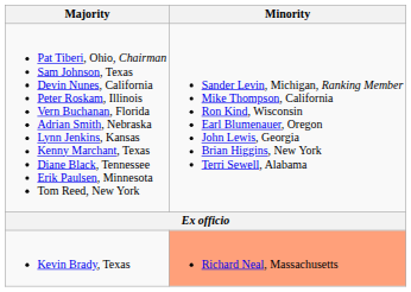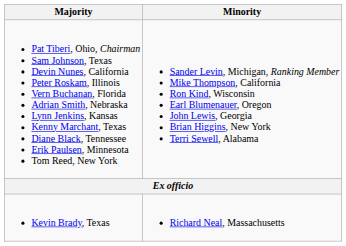 <table class=wikitable>
 <tr>
 <th>Majority</th>
 <th>Minority</th>
 </tr>
 <tr>
 <td><br><ul><li><a href='#'>Pat Tiberi</a>, Ohio, <em>Chairman</em></li><li><a href='#'>Sam Johnson</a>, Texas</li><li><a href='#'>Devin Nunes</a>, California</li><li><a href='#'>Peter Roskam</a>, Illinois</li><li><a href='#'>Vern Buchanan</a>, Florida</li><li><a href='#'>Adrian Smith</a>, Nebraska</li><li><a href='#'>Lynn Jenkins</a>, Kansas</li><li><a href='#'>Kenny Marchant</a>, Texas</li><li><a href='#'>Diane Black</a>, Tennessee</li><li><a href='#'>Erik Paulsen</a>, Minnesota</li><li>Tom Reed, New York</li></ul></td>
 <td><br><ul><li><a href='#'>Sander Levin</a>, Michigan, <em>Ranking Member</em></li><li><a href='#'>Mike Thompson</a>, California</li><li><a href='#'>Ron Kind</a>, Wisconsin</li><li><a href='#'>Earl Blumenauer</a>, Oregon</li><li><a href='#'>John Lewis</a>, Georgia</li><li><a href='#'>Brian Higgins</a>, New York</li><li><a href='#'>Terri Sewell</a>, Alabama</li></ul></td>
 </tr>
 <tr>
 <th colspan=2><em>Ex officio</em></th>
 </tr>
 <tr>
 <td><br><ul><li><a href='#'>Kevin Brady</a>, Texas</li></ul></td>
-<td style="background: lightsalmon;"><br><ul><li><a href='#'>Richard Neal</a>, Massachusetts</li></ul></td>
+<td><br><ul><li><a href='#'>Richard Neal</a>, Massachusetts</li></ul></td>
 </tr>
 </table>
